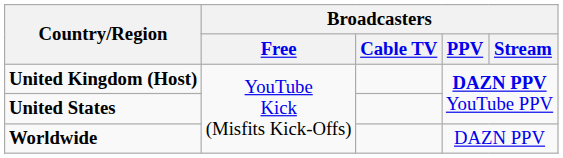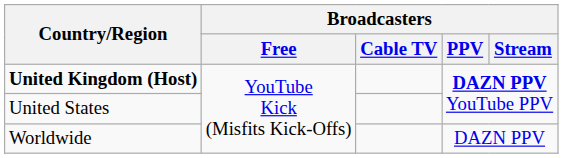 <table class="wikitable">
 <tr>
 <th rowspan="2">Country/Region</th>
 <th colspan="4">Broadcasters</th>
 </tr>
 <tr>
 <th><a href='#'>Free</a></th>
 <th><a href='#'>Cable TV</a></th>
 <th><a href='#'>PPV</a></th>
 <th><a href='#'>Stream</a></th>
 </tr>
 <tr>
 <td><strong>United Kingdom (Host)</strong></td>
 <td rowspan="3" align="center"><a href='#'>YouTube</a> <br> <a href='#'>Kick</a> <br> (Misfits Kick-Offs)</td>
 <td></td>
 <td rowspan="2" align="center" colspan="2"><strong><a href='#'>DAZN PPV</a></strong> <br> <a href='#'>YouTube PPV</a></td>
 </tr>
 <tr>
-<td><strong>United States</strong></td>
+<td>United States</td>
 <td></td>
 </tr>
 <tr>
-<td><strong>Worldwide</strong></td>
+<td>Worldwide</td>
 <td></td>
 <td align="center" colspan="2"><a href='#'>DAZN PPV</a></td>
 </tr>
 </table>
